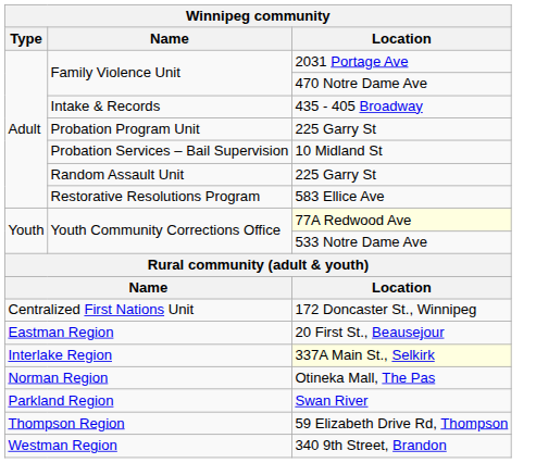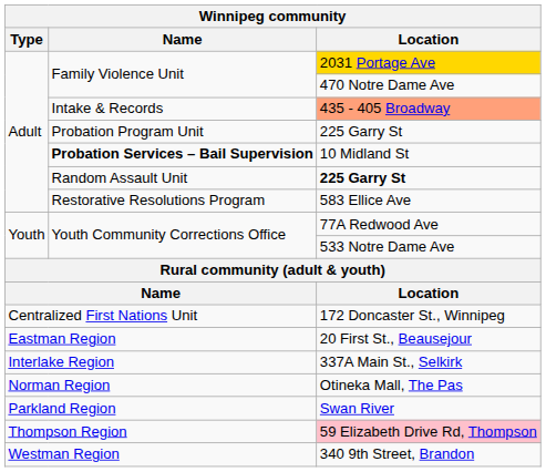 <table class="wikitable">
 <tr>
 <th colspan="3">Winnipeg community</th>
 </tr>
 <tr>
 <th>Type</th>
 <th>Name</th>
 <th>Location</th>
 </tr>
 <tr>
 <td rowspan="7">Adult</td>
 <td rowspan="2">Family Violence Unit</td>
-<td>2031 <a href='#'>Portage Ave</a></td>
+<td style="background: gold;">2031 <a href='#'>Portage Ave</a></td>
 </tr>
 <tr>
 <td>470 Notre Dame Ave</td>
 </tr>
 <tr>
 <td>Intake & Records</td>
-<td>435 - 405 <a href='#'>Broadway</a></td>
+<td style="background: lightsalmon;">435 - 405 <a href='#'>Broadway</a></td>
 </tr>
 <tr>
 <td>Probation Program Unit</td>
 <td>225 Garry St</td>
 </tr>
 <tr>
-<td>Probation Services – Bail Supervision</td>
+<td><strong>Probation Services – Bail Supervision</strong></td>
 <td>10 Midland St</td>
 </tr>
 <tr>
 <td>Random Assault Unit</td>
-<td>225 Garry St</td>
+<td><strong>225 Garry St</strong></td>
 </tr>
 <tr>
 <td>Restorative Resolutions Program</td>
 <td>583 Ellice Ave</td>
 </tr>
 <tr>
 <td rowspan="2">Youth</td>
 <td rowspan="2">Youth Community Corrections Office</td>
-<td style="background: lightyellow;">77A Redwood Ave</td>
+<td>77A Redwood Ave</td>
 </tr>
 <tr>
 <td>533 Notre Dame Ave</td>
 </tr>
 <tr>
 <th colspan="3">Rural community (adult & youth)</th>
 </tr>
 <tr>
 <th colspan="2">Name</th>
 <th>Location</th>
 </tr>
 <tr>
 <td colspan="2">Centralized <a href='#'>First Nations</a> Unit</td>
 <td>172 Doncaster St., Winnipeg</td>
 </tr>
 <tr>
 <td colspan="2"><a href='#'>Eastman Region</a></td>
 <td>20 First St., <a href='#'>Beausejour</a></td>
 </tr>
 <tr>
 <td colspan="2"><a href='#'>Interlake Region</a></td>
-<td style="background: lightyellow;">337A Main St., <a href='#'>Selkirk</a></td>
+<td>337A Main St., <a href='#'>Selkirk</a></td>
 </tr>
 <tr>
 <td colspan="2"><a href='#'>Norman Region</a></td>
 <td>Otineka Mall, <a href='#'>The Pas</a></td>
 </tr>
 <tr>
 <td colspan="2"><a href='#'>Parkland Region</a></td>
 <td><a href='#'>Swan River</a></td>
 </tr>
 <tr>
 <td colspan="2"><a href='#'>Thompson Region</a></td>
-<td>59 Elizabeth Drive Rd, <a href='#'>Thompson</a></td>
+<td style="background: pink;">59 Elizabeth Drive Rd, <a href='#'>Thompson</a></td>
 </tr>
 <tr>
 <td colspan="2"><a href='#'>Westman Region</a></td>
 <td>340 9th Street, <a href='#'>Brandon</a></td>
 </tr>
 </table>
